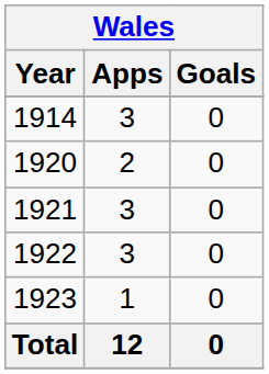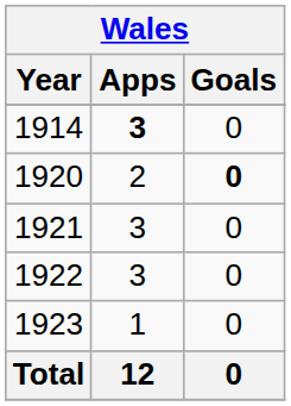 <table class="wikitable" style="text-align:center">
 <tr>
 <th colspan=3><a href='#'>Wales</a></th>
 </tr>
 <tr>
 <th>Year</th>
 <th>Apps</th>
 <th>Goals</th>
 </tr>
 <tr>
 </tr>
 <tr>
 <td>1914</td>
-<td>3</td>
+<td><strong>3</strong></td>
 <td>0</td>
 </tr>
 <tr>
 <td>1920</td>
 <td>2</td>
-<td>0</td>
+<td><strong>0</strong></td>
 </tr>
 <tr>
 <td>1921</td>
 <td>3</td>
 <td>0</td>
 </tr>
 <tr>
 <td>1922</td>
 <td>3</td>
 <td>0</td>
 </tr>
 <tr>
 <td>1923</td>
 <td>1</td>
 <td>0</td>
 </tr>
 <tr>
 <th>Total</th>
 <th>12</th>
 <th>0</th>
 </tr>
 <tr>
 </tr>
 </table>
